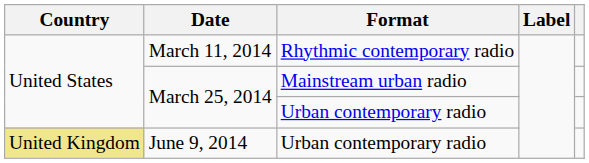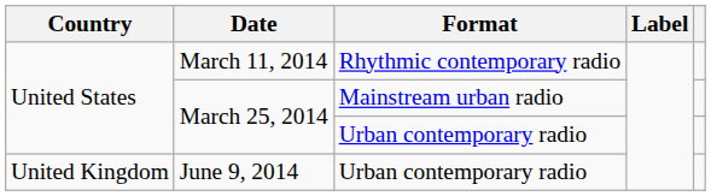 <table class="wikitable">
 <tr>
 <th>Country</th>
 <th>Date</th>
 <th>Format</th>
 <th>Label</th>
 <th></th>
 </tr>
 <tr>
 <td rowspan="3">United States</td>
 <td>March 11, 2014</td>
 <td><a href='#'>Rhythmic contemporary</a> radio</td>
 <td rowspan="4"></td>
 <td></td>
 </tr>
 <tr>
 <td rowspan="2">March 25, 2014</td>
 <td><a href='#'>Mainstream urban</a> radio</td>
 <td></td>
 </tr>
 <tr>
 <td><a href='#'>Urban contemporary</a> radio</td>
 <td></td>
 </tr>
 <tr>
-<td style="background: khaki;">United Kingdom</td>
+<td>United Kingdom</td>
 <td>June 9, 2014</td>
 <td>Urban contemporary radio</td>
 <td></td>
 </tr>
 </table>
